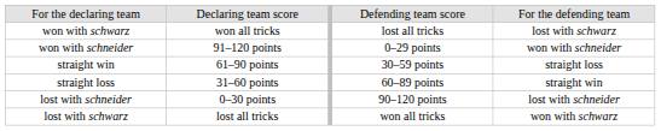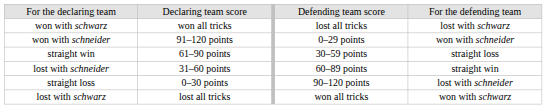 <table cellpadding="2" style="float: left; background: #c0c0c0; margin-right: 1em; border-spacing: 1px;">
 <tr align="center">
 <td style="background: #e3e3e3;" ! width="25%">For the declaring team</td>
 <td style="background: #e3e3e3;" ! width="25%">Declaring team score</td>
 <th></th>
 <td style="background: #e3e3e3;" ! width="25%">Defending team score</td>
 <td style="background: #e3e3e3;" ! width="25%">For the defending team</td>
 </tr>
 <tr align="center">
 <td style="background: #ffffff;">won with <em>schwarz</em></td>
 <td style="background: #ffffff;">won all tricks</td>
 <th></th>
 <td style="background: #ffffff;">lost all tricks</td>
 <td style="background: #ffffff;">lost with <em>schwarz</em></td>
 </tr>
 <tr align="center">
 <td style="background: #ffffff;">won with <em>schneider</em></td>
 <td style="background: #ffffff;">91–120 points</td>
 <th></th>
 <td style="background: #ffffff;">0–29 points</td>
 <td style="background: #ffffff;">won with <em>schneider</em></td>
 </tr>
 <tr align="center">
 <td style="background: #ffffff;">straight win</td>
 <td style="background: #ffffff;">61–90 points</td>
 <th></th>
 <td style="background: #ffffff;">30–59 points</td>
 <td style="background: #ffffff;">straight loss</td>
 </tr>
 <tr align="center">
-<td style="background: #ffffff;">straight loss</td>
+<td style="background: #ffffff;">lost with <em>schneider</em></td>
 <td style="background: #ffffff;">31–60 points</td>
 <th></th>
 <td style="background: #ffffff;">60–89 points</td>
 <td style="background: #ffffff;">straight win</td>
 </tr>
 <tr align="center">
-<td style="background: #ffffff;">lost with <em>schneider</em></td>
+<td style="background: #ffffff;">straight loss</td>
 <td style="background: #ffffff;">0–30 points</td>
 <th></th>
 <td style="background: #ffffff;">90–120 points</td>
 <td style="background: #ffffff;">lost with <em>schneider</em></td>
 </tr>
 <tr align="center">
 <td style="background: #ffffff;">lost with <em>schwarz</em></td>
 <td style="background: #ffffff;">lost all tricks</td>
 <th></th>
 <td style="background: #ffffff;">won all tricks</td>
 <td style="background: #ffffff;">won with <em>schwarz</em></td>
 </tr>
 </table>
